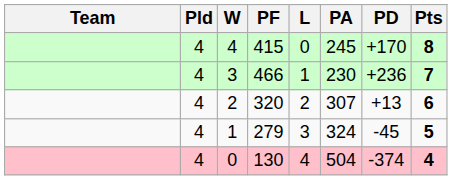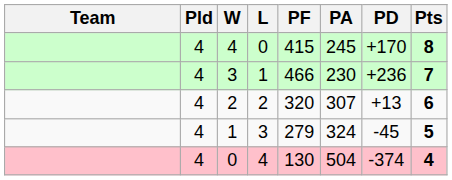 <table class="wikitable" style="text-align:center;">
 <tr>
 <th width=150>Team</th>
 <th width=20>Pld</th>
 <th width=20>W</th>
+<th width=20>L</th>
 <th width=30>PF</th>
-<th width=20>L</th>
 <th width=30>PA</th>
 <th width=30>PD</th>
 <th width=20>Pts</th>
 </tr>
 <tr bgcolor="#ccffcc">
 <td align="left"></td>
 <td>4</td>
 <td>4</td>
+<td>0</td>
 <td>415</td>
-<td>0</td>
 <td>245</td>
 <td>+170</td>
 <td><strong>8</strong></td>
 </tr>
 <tr bgcolor="#ccffcc">
 <td align="left"></td>
 <td>4</td>
 <td>3</td>
+<td>1</td>
 <td>466</td>
-<td>1</td>
 <td>230</td>
 <td>+236</td>
 <td><strong>7</strong></td>
 </tr>
 <tr>
 <td align="left"></td>
 <td>4</td>
 <td>2</td>
+<td>2</td>
 <td>320</td>
-<td>2</td>
 <td>307</td>
 <td>+13</td>
 <td><strong>6</strong></td>
 </tr>
 <tr>
 <td align="left"></td>
 <td>4</td>
 <td>1</td>
+<td>3</td>
 <td>279</td>
-<td>3</td>
 <td>324</td>
 <td>-45</td>
 <td><strong>5</strong></td>
 </tr>
 <tr bgcolor=pink>
 <td align="left"></td>
 <td>4</td>
 <td>0</td>
+<td>4</td>
 <td>130</td>
-<td>4</td>
 <td>504</td>
 <td>-374</td>
 <td><strong>4</strong></td>
 </tr>
 </table>
